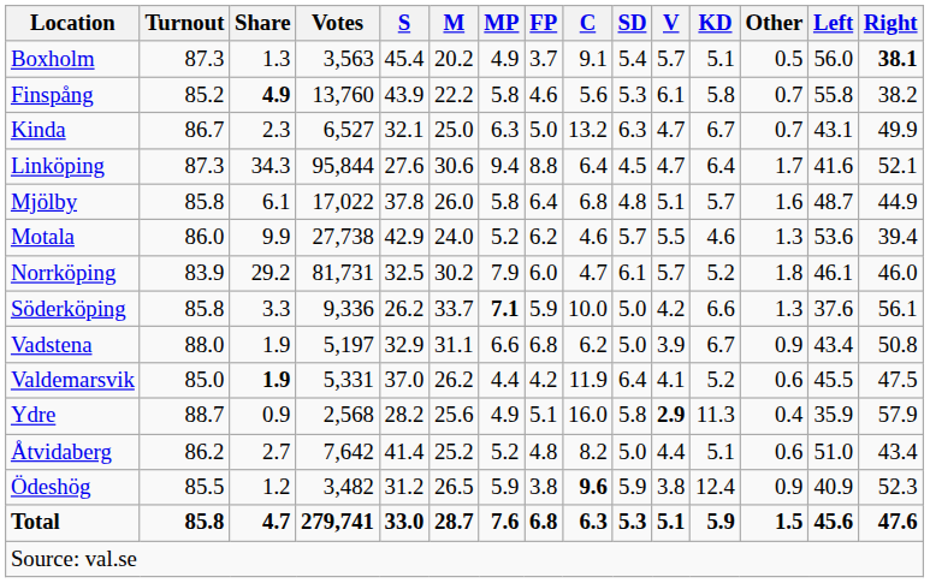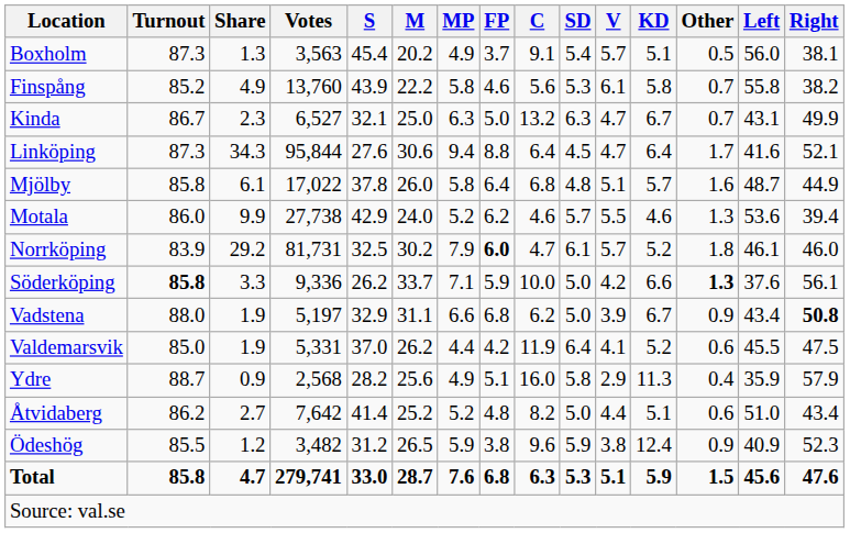 <table class="wikitable sortable" style=text-align:right>
 <tr>
 <th>Location</th>
 <th>Turnout</th>
 <th>Share</th>
 <th>Votes</th>
 <th><a href='#'>S</a></th>
 <th><a href='#'>M</a></th>
 <th><a href='#'>MP</a></th>
 <th><a href='#'>FP</a></th>
 <th><a href='#'>C</a></th>
 <th><a href='#'>SD</a></th>
 <th><a href='#'>V</a></th>
 <th><a href='#'>KD</a></th>
 <th>Other</th>
 <th><a href='#'>Left</a></th>
 <th><a href='#'>Right</a></th>
 </tr>
 <tr>
 <td align=left><a href='#'>Boxholm</a></td>
 <td>87.3</td>
 <td>1.3</td>
 <td>3,563</td>
 <td>45.4</td>
 <td>20.2</td>
 <td>4.9</td>
 <td>3.7</td>
 <td>9.1</td>
 <td>5.4</td>
 <td>5.7</td>
 <td>5.1</td>
 <td>0.5</td>
 <td>56.0</td>
-<td><strong>38.1</strong></td>
+<td>38.1</td>
 </tr>
 <tr>
 <td align=left><a href='#'>Finspång</a></td>
 <td>85.2</td>
-<td><strong>4.9</strong></td>
+<td>4.9</td>
 <td>13,760</td>
 <td>43.9</td>
 <td>22.2</td>
 <td>5.8</td>
 <td>4.6</td>
 <td>5.6</td>
 <td>5.3</td>
 <td>6.1</td>
 <td>5.8</td>
 <td>0.7</td>
 <td>55.8</td>
 <td>38.2</td>
 </tr>
 <tr>
 <td align=left><a href='#'>Kinda</a></td>
 <td>86.7</td>
 <td>2.3</td>
 <td>6,527</td>
 <td>32.1</td>
 <td>25.0</td>
 <td>6.3</td>
 <td>5.0</td>
 <td>13.2</td>
 <td>6.3</td>
 <td>4.7</td>
 <td>6.7</td>
 <td>0.7</td>
 <td>43.1</td>
 <td>49.9</td>
 </tr>
 <tr>
 <td align=left><a href='#'>Linköping</a></td>
 <td>87.3</td>
 <td>34.3</td>
 <td>95,844</td>
 <td>27.6</td>
 <td>30.6</td>
 <td>9.4</td>
 <td>8.8</td>
 <td>6.4</td>
 <td>4.5</td>
 <td>4.7</td>
 <td>6.4</td>
 <td>1.7</td>
 <td>41.6</td>
 <td>52.1</td>
 </tr>
 <tr>
 <td align=left><a href='#'>Mjölby</a></td>
 <td>85.8</td>
 <td>6.1</td>
 <td>17,022</td>
 <td>37.8</td>
 <td>26.0</td>
 <td>5.8</td>
 <td>6.4</td>
 <td>6.8</td>
 <td>4.8</td>
 <td>5.1</td>
 <td>5.7</td>
 <td>1.6</td>
 <td>48.7</td>
 <td>44.9</td>
 </tr>
 <tr>
 <td align=left><a href='#'>Motala</a></td>
 <td>86.0</td>
 <td>9.9</td>
 <td>27,738</td>
 <td>42.9</td>
 <td>24.0</td>
 <td>5.2</td>
 <td>6.2</td>
 <td>4.6</td>
 <td>5.7</td>
 <td>5.5</td>
 <td>4.6</td>
 <td>1.3</td>
 <td>53.6</td>
 <td>39.4</td>
 </tr>
 <tr>
 <td align=left><a href='#'>Norrköping</a></td>
 <td>83.9</td>
 <td>29.2</td>
 <td>81,731</td>
 <td>32.5</td>
 <td>30.2</td>
 <td>7.9</td>
-<td>6.0</td>
+<td><strong>6.0</strong></td>
 <td>4.7</td>
 <td>6.1</td>
 <td>5.7</td>
 <td>5.2</td>
 <td>1.8</td>
 <td>46.1</td>
 <td>46.0</td>
 </tr>
 <tr>
 <td align=left><a href='#'>Söderköping</a></td>
-<td>85.8</td>
+<td><strong>85.8</strong></td>
 <td>3.3</td>
 <td>9,336</td>
 <td>26.2</td>
 <td>33.7</td>
-<td><strong>7.1</strong></td>
+<td>7.1</td>
 <td>5.9</td>
 <td>10.0</td>
 <td>5.0</td>
 <td>4.2</td>
 <td>6.6</td>
-<td>1.3</td>
+<td><strong>1.3</strong></td>
 <td>37.6</td>
 <td>56.1</td>
 </tr>
 <tr>
 <td align=left><a href='#'>Vadstena</a></td>
 <td>88.0</td>
 <td>1.9</td>
 <td>5,197</td>
 <td>32.9</td>
 <td>31.1</td>
 <td>6.6</td>
 <td>6.8</td>
 <td>6.2</td>
 <td>5.0</td>
 <td>3.9</td>
 <td>6.7</td>
 <td>0.9</td>
 <td>43.4</td>
-<td>50.8</td>
+<td><strong>50.8</strong></td>
 </tr>
 <tr>
 <td align=left><a href='#'>Valdemarsvik</a></td>
 <td>85.0</td>
-<td><strong>1.9</strong></td>
+<td>1.9</td>
 <td>5,331</td>
 <td>37.0</td>
 <td>26.2</td>
 <td>4.4</td>
 <td>4.2</td>
 <td>11.9</td>
 <td>6.4</td>
 <td>4.1</td>
 <td>5.2</td>
 <td>0.6</td>
 <td>45.5</td>
 <td>47.5</td>
 </tr>
 <tr>
 <td align=left><a href='#'>Ydre</a></td>
 <td>88.7</td>
 <td>0.9</td>
 <td>2,568</td>
 <td>28.2</td>
 <td>25.6</td>
 <td>4.9</td>
 <td>5.1</td>
 <td>16.0</td>
 <td>5.8</td>
-<td><strong>2.9</strong></td>
+<td>2.9</td>
 <td>11.3</td>
 <td>0.4</td>
 <td>35.9</td>
 <td>57.9</td>
 </tr>
 <tr>
 <td align=left><a href='#'>Åtvidaberg</a></td>
 <td>86.2</td>
 <td>2.7</td>
 <td>7,642</td>
 <td>41.4</td>
 <td>25.2</td>
 <td>5.2</td>
 <td>4.8</td>
 <td>8.2</td>
 <td>5.0</td>
 <td>4.4</td>
 <td>5.1</td>
 <td>0.6</td>
 <td>51.0</td>
 <td>43.4</td>
 </tr>
 <tr>
 <td align=left><a href='#'>Ödeshög</a></td>
 <td>85.5</td>
 <td>1.2</td>
 <td>3,482</td>
 <td>31.2</td>
 <td>26.5</td>
 <td>5.9</td>
 <td>3.8</td>
-<td><strong>9.6</strong></td>
+<td>9.6</td>
 <td>5.9</td>
 <td>3.8</td>
 <td>12.4</td>
 <td>0.9</td>
 <td>40.9</td>
 <td>52.3</td>
 </tr>
 <tr>
 <td align=left><strong>Total</strong></td>
 <td><strong>85.8</strong></td>
 <td><strong>4.7</strong></td>
 <td><strong>279,741</strong></td>
 <td><strong>33.0</strong></td>
 <td><strong>28.7</strong></td>
 <td><strong>7.6</strong></td>
 <td><strong>6.8</strong></td>
 <td><strong>6.3</strong></td>
 <td><strong>5.3</strong></td>
 <td><strong>5.1</strong></td>
 <td><strong>5.9</strong></td>
 <td><strong>1.5</strong></td>
 <td><strong>45.6</strong></td>
 <td><strong>47.6</strong></td>
 </tr>
 <tr>
 <td align=left colspan=15>Source: val.se </td>
 </tr>
 </table>
